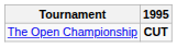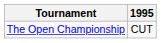 <table class="wikitable" style="font-size:95%;text-align:center;">
 <tr>
 <th>Tournament</th>
 <th>1995</th>
 </tr>
 <tr>
 <td align=left><a href='#'>The Open Championship</a></td>
-<td><strong>CUT</strong></td>
+<td>CUT</td>
 </tr>
 </table>
